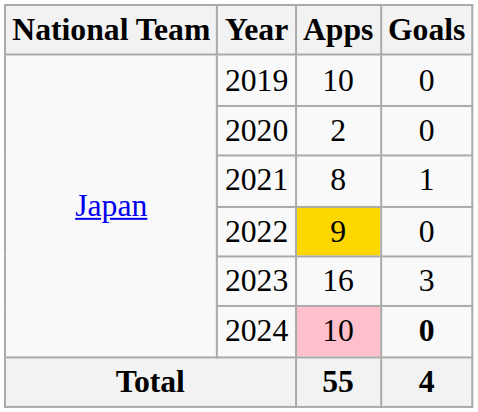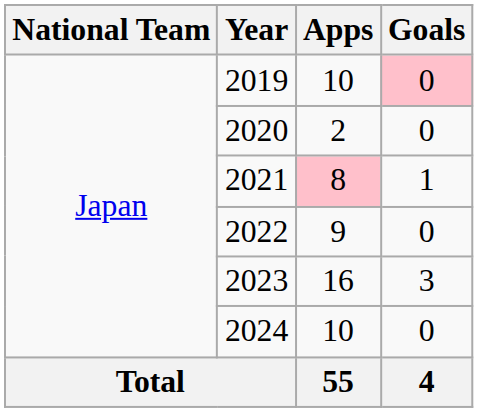 <table class="wikitable" style="text-align:center">
 <tr>
 <th>National Team</th>
 <th>Year</th>
 <th>Apps</th>
 <th>Goals</th>
 </tr>
 <tr>
 <td rowspan="6"><a href='#'>Japan</a></td>
 <td>2019</td>
 <td>10</td>
-<td>0</td>
+<td style="background: pink;">0</td>
 </tr>
 <tr>
 <td>2020</td>
 <td>2</td>
 <td>0</td>
 </tr>
 <tr>
 <td>2021</td>
-<td>8</td>
+<td style="background: pink;">8</td>
 <td>1</td>
 </tr>
 <tr>
 <td>2022</td>
-<td style="background: gold;">9</td>
+<td>9</td>
 <td>0</td>
 </tr>
 <tr>
 <td>2023</td>
 <td>16</td>
 <td>3</td>
 </tr>
 <tr>
 <td>2024</td>
-<td style="background: pink;">10</td>
-<td><strong>0</strong></td>
+<td>10</td>
+<td>0</td>
 </tr>
 <tr>
 <th colspan="2">Total</th>
 <th>55</th>
 <th>4</th>
 </tr>
 </table>
